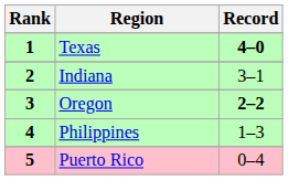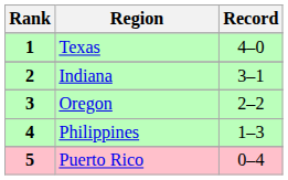 <table class="wikitable">
 <tr>
 <th>Rank</th>
 <th>Region</th>
 <th>Record</th>
 </tr>
 <tr>
 </tr>
 <tr bgcolor="bbffbb">
 <td align=center><strong>1</strong></td>
 <td align="left" width="120"> <a href='#'>Texas</a></td>
-<td align=center><strong>4–0</strong></td>
+<td align=center>4–0</td>
 </tr>
 <tr>
 </tr>
 <tr bgcolor="bbffbb">
 <td align=center><strong>2</strong></td>
 <td align="left" width="120"> <a href='#'>Indiana</a></td>
 <td align=center>3–1</td>
 </tr>
 <tr>
 </tr>
 <tr bgcolor="bbffbb">
 <td align=center><strong>3</strong></td>
 <td align="left" width="140"> <a href='#'>Oregon</a></td>
-<td align=center><strong>2–2</strong></td>
+<td align=center>2–2</td>
 </tr>
 <tr>
 </tr>
 <tr bgcolor="bbffbb">
 <td align=center><strong>4</strong></td>
 <td align="left" width="120"> <a href='#'>Philippines</a></td>
 <td align=center>1–3</td>
 </tr>
 <tr>
 </tr>
 <tr bgcolor="ffc0cb">
 <td align=center><strong>5</strong></td>
 <td align="left" width="120"> <a href='#'>Puerto Rico</a></td>
 <td align=center>0–4</td>
 </tr>
 </table>
